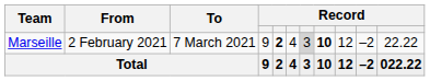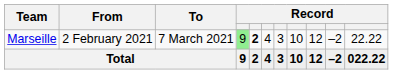 <table class="wikitable" style="text-align: center">
 <tr>
 <th rowspan="2">Team</th>
 <th rowspan="2">From</th>
 <th rowspan="2">To</th>
 <th colspan="8">Record</th>
 </tr>
 <tr>
 <th></th>
 <th></th>
 <th></th>
 <th></th>
 <th></th>
 <th></th>
 <th></th>
 <th></th>
 </tr>
 <tr>
 <td><a href='#'>Marseille</a></td>
 <td>2 February 2021</td>
 <td>7 March 2021</td>
-<td>9</td>
+<td style="background: lightgreen;">9</td>
 <td style="text-align:center"><strong>2</strong></td>
 <td style="text-align:center"><span>4</span></td>
-<td style="background: lightgrey; text-align:center">3</td>
-<td style="text-align:center"><strong>10</strong></td>
+<td style="text-align:center">3</td>
+<td style="text-align:center">10</td>
 <td style="text-align:center">12</td>
 <td style="text-align:center">–2</td>
 <td style="text-align:center">22.22</td>
 </tr>
 <tr>
 <th colspan="3">Total</th>
 <th>9</th>
 <td style="font-weight:bold;background:#efefef;text-align:center"><span>2</span></td>
 <td style="font-weight:bold;background:#efefef;text-align:center"><span>4</span></td>
 <td style="font-weight:bold;background:#efefef;text-align:center"><span>3</span></td>
 <td style="font-weight:bold;background:#efefef;text-align:center">10</td>
 <td style="font-weight:bold;background:#efefef;text-align:center">12</td>
 <td style="font-weight:bold;background:#efefef;text-align:center">–2</td>
 <td style="font-weight:bold;background:#efefef;text-align:center"><span>0</span><span>22.22</span></td>
 </tr>
 </table>
